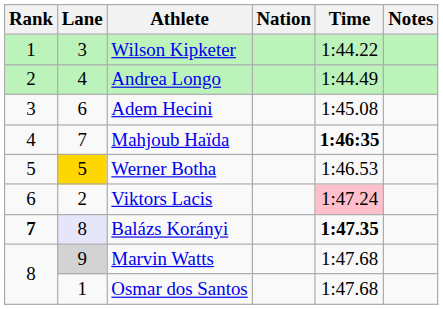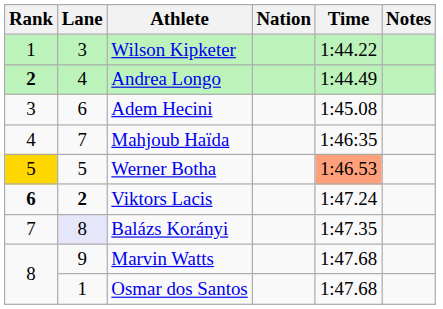 <table class="wikitable sortable" style="text-align:center">
 <tr>
 <th>Rank</th>
 <th>Lane</th>
 <th>Athlete</th>
 <th>Nation</th>
 <th>Time</th>
 <th>Notes</th>
 </tr>
 <tr bgcolor = "bbf3bb">
 <td>1</td>
 <td>3</td>
 <td align="left"><a href='#'>Wilson Kipketer</a></td>
 <td align="left"></td>
 <td>1:44.22</td>
 <td></td>
 </tr>
 <tr bgcolor = "bbf3bb">
-<td>2</td>
+<td><strong>2</strong></td>
 <td>4</td>
 <td align="left"><a href='#'>Andrea Longo</a></td>
 <td align="left"></td>
 <td>1:44.49</td>
 <td></td>
 </tr>
 <tr>
 <td>3</td>
 <td>6</td>
 <td align="left"><a href='#'>Adem Hecini</a></td>
 <td align="left"></td>
 <td>1:45.08</td>
 <td></td>
 </tr>
 <tr>
 <td>4</td>
 <td>7</td>
 <td align="left"><a href='#'>Mahjoub Haïda</a></td>
 <td align="left"></td>
-<td><strong>1:46:35</strong></td>
+<td>1:46:35</td>
 <td></td>
 </tr>
 <tr>
+<td style="background: gold;">5</td>
 <td>5</td>
-<td style="background: gold;">5</td>
 <td align="left"><a href='#'>Werner Botha</a></td>
 <td align="left"></td>
-<td>1:46.53</td>
+<td style="background: lightsalmon;">1:46.53</td>
 <td></td>
 </tr>
 <tr>
-<td>6</td>
-<td>2</td>
+<td><strong>6</strong></td>
+<td><strong>2</strong></td>
 <td align="left"><a href='#'>Viktors Lacis</a></td>
 <td align="left"></td>
-<td style="background: pink;">1:47.24</td>
+<td>1:47.24</td>
 <td></td>
 </tr>
 <tr>
-<td><strong>7</strong></td>
+<td>7</td>
 <td style="background: lavender;">8</td>
 <td align="left"><a href='#'>Balázs Korányi</a></td>
 <td align="left"></td>
-<td><strong>1:47.35</strong></td>
+<td>1:47.35</td>
 <td></td>
 </tr>
 <tr>
 <td rowspan=2>8</td>
-<td style="background: lightgrey;">9</td>
+<td>9</td>
 <td align="left"><a href='#'>Marvin Watts</a></td>
 <td align="left"></td>
 <td>1:47.68</td>
 <td></td>
 </tr>
 <tr>
 <td>1</td>
 <td align="left"><a href='#'>Osmar dos Santos</a></td>
 <td align="left"></td>
 <td>1:47.68</td>
 <td></td>
 </tr>
 </table>
